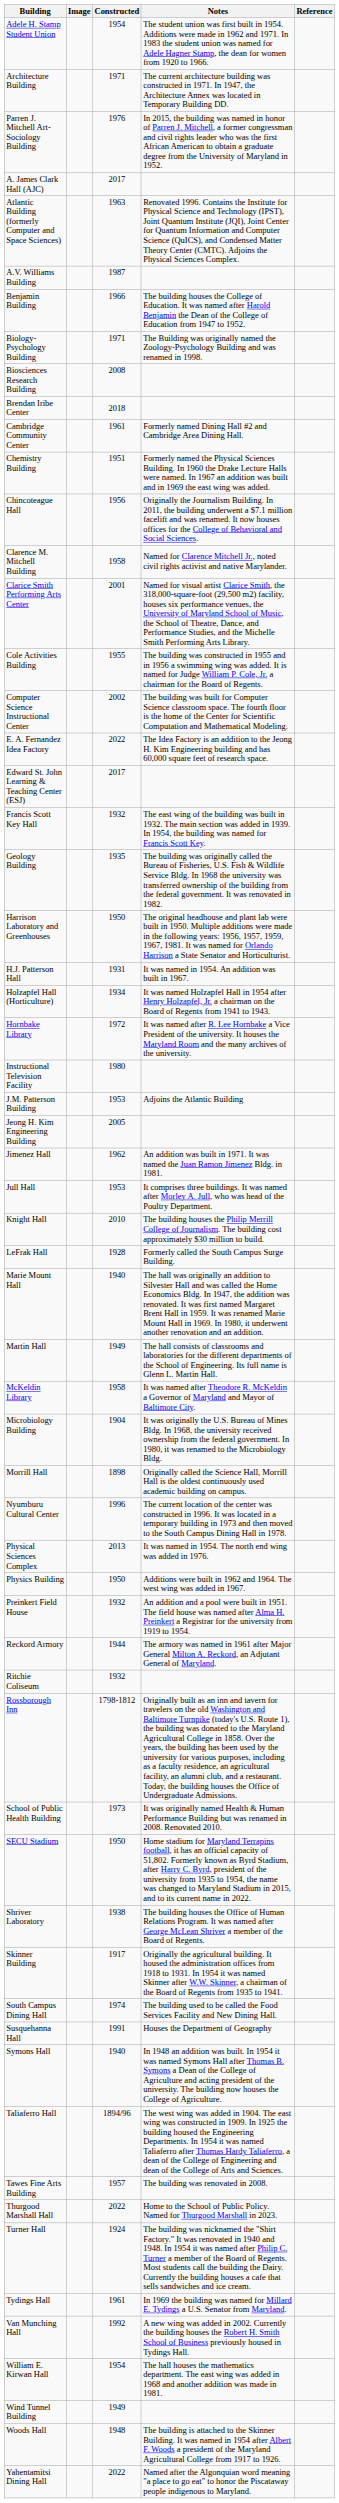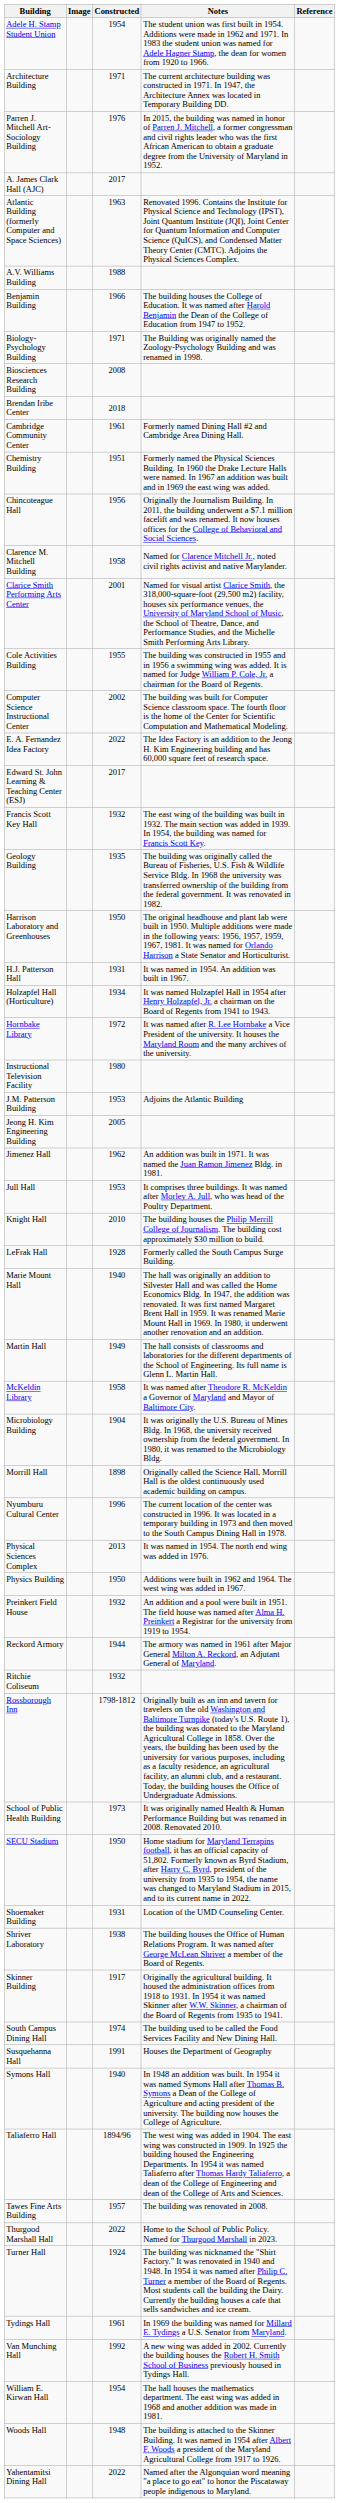 <table class="wikitable sortable" style="width:100%">
 <tr>
 <th width="*">Building</th>
 <th width="*" class="unsortable">Image</th>
 <th width="*">Constructed</th>
 <th width="*" class="unsortable">Notes</th>
 <th wdith="*" class="unsortable">Reference</th>
 </tr>
 <tr valign="top">
 <td><a href='#'>Adele H. Stamp Student Union</a></td>
 <td align="center"></td>
 <td align="center">1954</td>
 <td>The student union was first built in 1954. Additions were made in 1962 and 1971. In 1983 the student union was named for <a href='#'>Adele Hagner Stamp</a>, the dean for women from 1920 to 1966.</td>
 <td align="center"></td>
 </tr>
 <tr valign="top">
 <td>Architecture Building</td>
 <td align="center"></td>
 <td align="center">1971</td>
 <td>The current architecture building was constructed in 1971. In 1947, the Architecture Annex was located in Temporary Building DD.</td>
 <td align="center"></td>
 </tr>
 <tr valign="top">
 <td>Parren J. Mitchell Art-Sociology Building</td>
 <td align="center"></td>
 <td align="center">1976</td>
 <td>In 2015, the building was named in honor of <a href='#'>Parren J. Mitchell</a>, a former congressman and civil rights leader who was the first African American to obtain a graduate degree from the University of Maryland in 1952.</td>
 <td align="center"></td>
 </tr>
 <tr valign="top">
 <td>A. James Clark Hall (AJC)</td>
 <td align="center"></td>
 <td align="center">2017</td>
 <td></td>
 <td align="center"></td>
 </tr>
 <tr valign="top">
 <td>Atlantic Building (formerly Computer and Space Sciences)</td>
 <td align="center"></td>
 <td align="center">1963</td>
 <td>Renovated 1996. Contains the Institute for Physical Science and Technology (IPST), Joint Quantum Institute (JQI), Joint Center for Quantum Information and Computer Science (QuICS), and Condensed Matter Theory Center (CMTC). Adjoins the Physical Sciences Complex.</td>
 <td align="center"></td>
 </tr>
 <tr valign="top">
 <td>A.V. Williams Building</td>
 <td align="center"></td>
-<td align="center">1987</td>
+<td align="center">1988</td>
 <td></td>
 <td align="center"></td>
 </tr>
 <tr valign="top">
 <td>Benjamin Building</td>
 <td align="center"></td>
 <td align="center">1966</td>
 <td>The building houses the College of Education. It was named after <a href='#'>Harold Benjamin</a> the Dean of the College of Education from 1947 to 1952.</td>
 <td align="center"></td>
 </tr>
 <tr valign="top">
 <td>Biology-Psychology Building</td>
 <td align="center"></td>
 <td align="center">1971</td>
 <td>The Building was originally named the Zoology-Psychology Building and was renamed in 1998.</td>
 <td align="center"></td>
 </tr>
 <tr valign="top">
 <td>Biosciences Research Building</td>
 <td align="center"></td>
 <td align="center">2008</td>
 <td></td>
 <td align="center"></td>
 </tr>
 <tr>
 <td>Brendan Iribe Center</td>
 <td></td>
 <td align="center">2018</td>
 <td></td>
 <td></td>
 </tr>
 <tr valign="top">
 <td>Cambridge Community Center</td>
 <td align="center"></td>
 <td align="center">1961</td>
 <td>Formerly named Dining Hall #2 and Cambridge Area Dining Hall.</td>
 <td align="center"></td>
 </tr>
 <tr valign="top">
 <td>Chemistry Building</td>
 <td align="center"></td>
 <td align="center">1951</td>
 <td>Formerly named the Physical Sciences Building. In 1960 the Drake Lecture Halls were named. In 1967 an addition was built and in 1969 the east wing was added.</td>
 <td align="center"></td>
 </tr>
 <tr valign="top">
 <td>Chincoteague Hall</td>
 <td align="center"></td>
 <td align="center">1956</td>
 <td>Originally the Journalism Building. In 2011, the building underwent a $7.1 million facelift and was renamed. It now houses offices for the <a href='#'>College of Behavioral and Social Sciences</a>.</td>
 <td align="center"></td>
 </tr>
 <tr>
 <td>Clarence M. Mitchell Building</td>
 <td></td>
 <td align="center">1958</td>
 <td>Named for <a href='#'>Clarence Mitchell Jr.</a>, noted civil rights activist and native Marylander.</td>
 <td></td>
 </tr>
 <tr valign="top">
 <td><a href='#'>Clarice Smith Performing Arts Center</a></td>
 <td align="center"></td>
 <td align="center">2001</td>
 <td>Named for visual artist <a href='#'>Clarice Smith</a>, the 318,000-square-foot (29,500 m2) facility, houses six performance venues, the <a href='#'>University of Maryland School of Music</a>, the School of Theatre, Dance, and Performance Studies, and the Michelle Smith Performing Arts Library.</td>
 <td align="center"></td>
 </tr>
 <tr valign="top">
 <td>Cole Activities Building</td>
 <td align="center"></td>
 <td align="center">1955</td>
 <td>The building was constructed in 1955 and in 1956 a swimming wing was added. It is named for Judge <a href='#'>William P. Cole, Jr.</a> a chairman for the Board of Regents.</td>
 <td align="center"></td>
 </tr>
 <tr valign="top">
 <td>Computer Science Instructional Center</td>
 <td align="center"></td>
 <td align="center">2002</td>
 <td>The building was built for Computer Science classroom space. The fourth floor is the home of the Center for Scientific Computation and Mathematical Modeling.</td>
 <td align="center"></td>
 </tr>
 <tr valign="top">
 <td>E. A. Fernandez Idea Factory</td>
 <td align="center"></td>
 <td align="center">2022</td>
 <td>The Idea Factory is an addition to the Jeong H. Kim Engineering building and has 60,000 square feet of research space.</td>
 <td align="center"></td>
 </tr>
 <tr valign="top">
 <td>Edward St. John Learning & Teaching Center (ESJ)</td>
 <td align="center"></td>
 <td align="center">2017</td>
 <td align="center"></td>
 <td></td>
 </tr>
 <tr valign="top">
 <td>Francis Scott Key Hall</td>
 <td align="center"></td>
 <td align="center">1932</td>
 <td>The east wing of the building was built in 1932. The main section was added in 1939. In 1954, the building was named for <a href='#'>Francis Scott Key</a>.</td>
 <td align="center"></td>
 </tr>
 <tr valign="top">
 <td>Geology Building</td>
 <td align="center"></td>
 <td align="center">1935</td>
 <td>The building was originally called the Bureau of Fisheries, U.S. Fish & Wildlife Service Bldg. In 1968 the university was transferred ownership of the building from the federal government. It was renovated in 1982.</td>
 <td align="center"></td>
 </tr>
 <tr valign="top">
 <td>Harrison Laboratory and Greenhouses</td>
 <td align="center"></td>
 <td align="center">1950</td>
 <td>The original headhouse and plant lab were built in 1950. Multiple additions were made in the following years: 1956, 1957, 1959, 1967, 1981. It was named for <a href='#'>Orlando Harrison</a> a State Senator and Horticulturist.</td>
 <td align="center"></td>
 </tr>
 <tr valign="top">
 <td>H.J. Patterson Hall</td>
 <td align="center"></td>
 <td align="center">1931</td>
 <td>It was named in 1954. An addition was built in 1967.</td>
 <td align="center"></td>
 </tr>
 <tr valign="top">
 <td>Holzapfel Hall (Horticulture)</td>
 <td align="center"></td>
 <td align="center">1934</td>
 <td>It was named Holzapfel Hall in 1954 after <a href='#'>Henry Holzapfel, Jr.</a> a chairman on the Board of Regents from 1941 to 1943.</td>
 <td align="center"></td>
 </tr>
 <tr valign="top">
 <td><a href='#'>Hornbake Library</a></td>
 <td align="center"></td>
 <td align="center">1972</td>
 <td>It was named after <a href='#'>R. Lee Hornbake</a> a Vice President of the university. It houses the <a href='#'>Maryland Room</a> and the many archives of the university.</td>
 <td align="center"></td>
 </tr>
 <tr valign="top">
 <td>Instructional Television Facility</td>
 <td align="center"></td>
 <td align="center">1980</td>
 <td></td>
 <td align="center"></td>
 </tr>
 <tr valign="top">
 <td>J.M. Patterson Building</td>
 <td align="center"></td>
 <td align="center">1953</td>
 <td>Adjoins the Atlantic Building</td>
 <td align="center"></td>
 </tr>
 <tr valign="top">
 <td>Jeong H. Kim Engineering Building</td>
 <td align="center"></td>
 <td align="center">2005</td>
 <td></td>
 <td align="center"></td>
 </tr>
 <tr valign="top">
 <td>Jimenez Hall</td>
 <td align="center"></td>
 <td align="center">1962</td>
 <td>An addition was built in 1971. It was named the <a href='#'>Juan Ramon Jimenez</a> Bldg. in 1981.</td>
 <td align="center"></td>
 </tr>
 <tr valign="top">
 <td>Jull Hall</td>
 <td align="center"></td>
 <td align="center">1953</td>
 <td>It comprises three buildings. It was named after <a href='#'>Morley A. Jull</a>, who was head of the Poultry Department.</td>
 <td align="center"></td>
 </tr>
 <tr valign="top">
 <td>Knight Hall</td>
 <td align="center"></td>
 <td align="center">2010</td>
 <td>The building houses the <a href='#'>Philip Merrill College of Journalism</a>. The building cost approximately $30 million to build.</td>
 <td align="center"></td>
 </tr>
 <tr valign="top">
 <td>LeFrak Hall</td>
 <td align="center"></td>
 <td align="center">1928</td>
 <td>Formerly called the South Campus Surge Building.</td>
 <td align="center"></td>
 </tr>
 <tr valign="top">
 <td>Marie Mount Hall</td>
 <td align="center"></td>
 <td align="center">1940</td>
 <td>The hall was originally an addition to Silvester Hall and was called the Home Economics Bldg. In 1947, the addition was renovated. It was first named Margaret Brent Hall in 1959. It was renamed Marie Mount Hall in 1969. In 1980, it underwent another renovation and an addition.</td>
 <td align="center"></td>
 </tr>
 <tr valign="top">
 <td>Martin Hall</td>
 <td align="center"></td>
 <td align="center">1949</td>
 <td>The hall consists of classrooms and laboratories for the different departments of the School of Engineering. Its full name is Glenn L. Martin Hall.</td>
 <td align="center"></td>
 </tr>
 <tr valign="top">
 <td><a href='#'>McKeldin Library</a></td>
 <td align="center"></td>
 <td align="center">1958</td>
 <td>It was named after <a href='#'>Theodore R. McKeldin</a> a Governor of <a href='#'>Maryland</a> and Mayor of <a href='#'>Baltimore City</a>.</td>
 <td align="center"></td>
 </tr>
 <tr valign="top">
 <td>Microbiology Building</td>
 <td align="center"></td>
 <td align="center">1904</td>
 <td>It was originally the U.S. Bureau of Mines Bldg. In 1968, the university received ownership from the federal government. In 1980, it was renamed to the Microbiology Bldg.</td>
 <td align="center"></td>
 </tr>
 <tr valign="top">
 <td>Morrill Hall</td>
 <td align="center"></td>
 <td align="center">1898</td>
 <td>Originally called the Science Hall, Morrill Hall is the oldest continuously used academic building on campus.</td>
 <td align="center"></td>
 </tr>
 <tr valign="top">
 <td>Nyumburu Cultural Center</td>
 <td align="center"></td>
 <td align="center">1996</td>
 <td>The current location of the center was constructed in 1996. It was located in a temporary building in 1973 and then moved to the South Campus Dining Hall in 1978.</td>
 <td align="center"></td>
 </tr>
 <tr valign="top">
 <td>Physical Sciences Complex</td>
 <td align="center"></td>
 <td align="center">2013</td>
 <td>It was named in 1954. The north end wing was added in 1976.</td>
 <td align="center"></td>
 </tr>
 <tr valign="top">
 <td>Physics Building</td>
 <td align="center"></td>
 <td align="center">1950</td>
 <td>Additions were built in 1962 and 1964. The west wing was added in 1967.</td>
 <td align="center"></td>
 </tr>
 <tr valign="top">
 <td>Preinkert Field House</td>
 <td align="center"></td>
 <td align="center">1932</td>
 <td>An addition and a pool were built in 1951. The field house was named after <a href='#'>Alma H. Preinkert</a> a Registrar for the university from 1919 to 1954.</td>
 <td align="center"></td>
 </tr>
 <tr valign="top">
 <td>Reckord Armory</td>
 <td align="center"></td>
 <td align="center">1944</td>
 <td>The armory was named in 1961 after Major General <a href='#'>Milton A. Reckord</a>, an Adjutant General of <a href='#'>Maryland</a>.</td>
 <td align="center"></td>
 </tr>
 <tr valign="top">
 <td>Ritchie Coliseum</td>
 <td align="center"></td>
 <td align="center">1932</td>
 <td></td>
 <td align="center"></td>
 </tr>
 <tr valign="top">
 <td><a href='#'>Rossborough Inn</a></td>
 <td align="center"></td>
 <td align="center">1798-1812</td>
 <td>Originally built as an inn and tavern for travelers on the old <a href='#'>Washington and Baltimore Turnpike</a> (today's U.S. Route 1), the building was donated to the Maryland Agricultural College in 1858.  Over the years, the building has been used by the university for various purposes, including as a faculty residence, an agricultural facility, an alumni club, and a restaurant.  Today, the building houses the Office of Undergraduate Admissions.</td>
 <td align="center"></td>
 </tr>
 <tr valign="top">
 <td>School of Public Health Building</td>
 <td align="center"></td>
 <td align="center">1973</td>
 <td>It was originally named Health & Human Performance Building but was renamed in 2008. Renovated 2010.</td>
 <td align="center"></td>
 </tr>
 <tr valign="top">
 <td><a href='#'>SECU Stadium</a></td>
 <td align="center"></td>
 <td align="center">1950</td>
 <td>Home stadium for <a href='#'>Maryland Terrapins football</a>, it has an official capacity of 51,802.  Formerly known as Byrd Stadium, after <a href='#'>Harry C. Byrd</a>, president of the university from 1935 to 1954, the name was changed to Maryland Stadium in 2015, and to its current name in 2022.</td>
 <td align="center"></td>
 </tr>
 <tr valign="top">
+<td>Shoemaker Building</td>
+<td align="center"></td>
+<td align="center">1931</td>
+<td>Location of the UMD Counseling Center.</td>
+<td align="center"></td>
+</tr>
+<tr valign="top">
 <td>Shriver Laboratory</td>
 <td align="center"></td>
 <td align="center">1938</td>
 <td>The building houses the Office of Human Relations Program. It was named after <a href='#'>George McLean Shriver</a> a member of the Board of Regents.</td>
 <td align="center"></td>
 </tr>
 <tr valign="top">
 <td>Skinner Building</td>
 <td align="center"></td>
 <td align="center">1917</td>
 <td>Originally the agricultural building. It housed the administration offices from 1918 to 1931. In 1954 it was named Skinner after <a href='#'>W.W. Skinner</a>, a chairman of the Board of Regents from 1935 to 1941.</td>
 <td align="center"></td>
 </tr>
 <tr valign="top">
 <td>South Campus Dining Hall</td>
 <td align="center"></td>
 <td align="center">1974</td>
 <td>The building used to be called the Food Services Facility and New Dining Hall.</td>
 <td align="center"></td>
 </tr>
 <tr valign="top">
 <td>Susquehanna Hall</td>
 <td align="center"></td>
 <td align="center">1991</td>
 <td>Houses the Department of Geography</td>
 <td align="center"></td>
 </tr>
 <tr valign="top">
 <td>Symons Hall</td>
 <td align="center"></td>
 <td align="center">1940</td>
 <td>In 1948 an addition was built. In 1954 it was named Symons Hall after <a href='#'>Thomas B. Symons</a> a Dean of the College of Agriculture and acting president of the university. The building now houses the College of Agriculture.</td>
 <td align="center"></td>
 </tr>
 <tr valign="top">
 <td>Taliaferro Hall</td>
 <td align="center"></td>
 <td align="center">1894/96</td>
 <td>The west wing was added in 1904. The east wing was constructed in 1909. In 1925 the building housed the Engineering Departments. In 1954 it was named Taliaferro after <a href='#'>Thomas Hardy Taliaferro</a>, a dean of the College of Engineering and dean of the College of Arts and Sciences.</td>
 <td align="center"></td>
 </tr>
 <tr valign="top">
 <td>Tawes Fine Arts Building</td>
 <td align="center"></td>
 <td align="center">1957</td>
 <td>The building was renovated in 2008.</td>
 <td align="center"></td>
 </tr>
 <tr valign="top">
 <td>Thurgood Marshall Hall</td>
 <td></td>
 <td align="center">2022</td>
 <td>Home to the School of Public Policy. Named for <a href='#'>Thurgood Marshall</a> in 2023.</td>
 <td align="center"></td>
 </tr>
 <tr valign="top">
 <td>Turner Hall</td>
 <td align="center"></td>
 <td align="center">1924</td>
 <td>The building was nicknamed the "Shirt Factory." It was renovated in 1940 and 1948. In 1954 it was named after <a href='#'>Philip C. Turner</a> a member of the Board of Regents. Most students call the building the Dairy. Currently the building houses a cafe that sells sandwiches and ice cream.</td>
 <td align="center"></td>
 </tr>
 <tr valign="top">
 <td>Tydings Hall</td>
 <td align="center"></td>
 <td align="center">1961</td>
 <td>In 1969 the building was named for <a href='#'>Millard E. Tydings</a> a U.S. Senator from <a href='#'>Maryland</a>.</td>
 <td align="center"></td>
 </tr>
 <tr valign="top">
 <td>Van Munching Hall</td>
 <td align="center"></td>
 <td align="center">1992</td>
 <td>A new wing was added in 2002. Currently the building houses the <a href='#'>Robert H. Smith School of Business</a> previously housed in Tydings Hall.</td>
 <td align="center"></td>
 </tr>
 <tr valign="top">
 <td>William E. Kirwan Hall</td>
 <td align="center"></td>
 <td align="center">1954</td>
 <td>The hall houses the mathematics department. The east wing was added in 1968 and another addition was made in 1981.</td>
 <td align="center"></td>
 </tr>
 <tr valign="top">
-<td>Wind Tunnel Building</td>
-<td align="center"></td>
-<td align="center">1949</td>
-<td></td>
-<td align="center"></td>
-</tr>
-<tr valign="top">
 <td>Woods Hall</td>
 <td align="center"></td>
 <td align="center">1948</td>
 <td>The building is attached to the Skinner Building. It was named in 1954 after <a href='#'>Albert F. Woods</a> a president of the Maryland Agricultural College from 1917 to 1926.</td>
 <td align="center"></td>
 </tr>
 <tr valign="top">
 <td>Yahentamitsi Dining Hall</td>
 <td></td>
 <td align="center">2022</td>
 <td>Named after the Algonquian word meaning "a place to go eat" to honor the Piscataway people indigenous to Maryland.</td>
 <td align="center"></td>
 </tr>
 </table>
